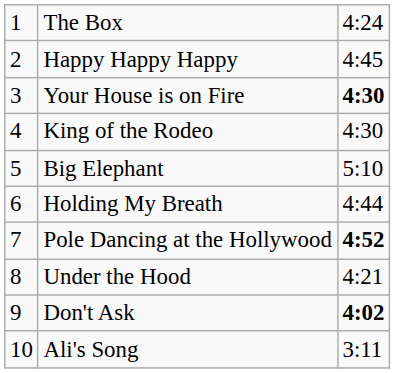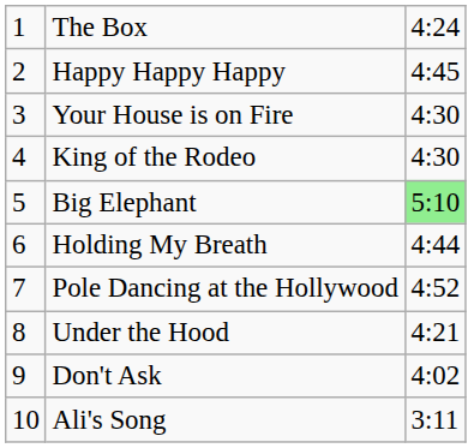 <table class="wikitable">
 <tr>
 <td>1</td>
 <td>The Box</td>
 <td>4:24</td>
 </tr>
 <tr>
 <td>2</td>
 <td>Happy Happy Happy</td>
 <td>4:45</td>
 </tr>
 <tr>
 <td>3</td>
 <td>Your House is on Fire</td>
-<td><strong>4:30</strong></td>
+<td>4:30</td>
 </tr>
 <tr>
 <td>4</td>
 <td>King of the Rodeo</td>
 <td>4:30</td>
 </tr>
 <tr>
 <td>5</td>
 <td>Big Elephant</td>
-<td>5:10</td>
+<td style="background: lightgreen;">5:10</td>
 </tr>
 <tr>
 <td>6</td>
 <td>Holding My Breath</td>
 <td>4:44</td>
 </tr>
 <tr>
 <td>7</td>
 <td>Pole Dancing at the Hollywood</td>
-<td><strong>4:52</strong></td>
+<td>4:52</td>
 </tr>
 <tr>
 <td>8</td>
 <td>Under the Hood</td>
 <td>4:21</td>
 </tr>
 <tr>
 <td>9</td>
 <td>Don't Ask</td>
-<td><strong>4:02</strong></td>
+<td>4:02</td>
 </tr>
 <tr>
 <td>10</td>
 <td>Ali's Song</td>
 <td>3:11</td>
 </tr>
 </table>
